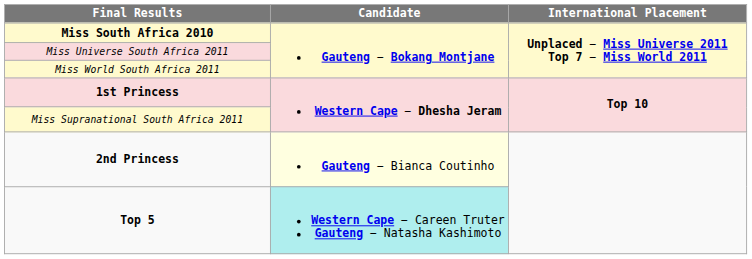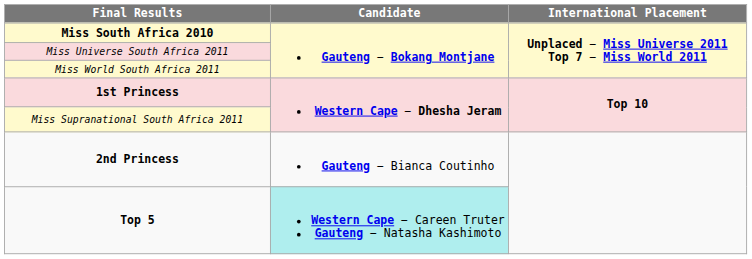 <table class="wikitable sortable" style="font-size:95%;">
 <tr>
 <th style="width:280px;background-color:#787878;color:#FFFFFF;">Final Results</th>
 <th style="width:250px;background-color:#787878;color:#FFFFFF;">Candidate</th>
 <th style="width:250px;background-color:#787878;color:#FFFFFF;">International Placement</th>
 </tr>
 <tr style="text-align:center; background:#FFFACD">
 <td style="text-align:center;"><strong>Miss South Africa 2010</strong></td>
 <td rowspan=3><br><ul><li><strong><a href='#'>Gauteng</a></strong> − <strong><a href='#'>Bokang Montjane</a></strong></li></ul></td>
 <td rowspan=3><strong>Unplaced</strong> − <strong><a href='#'>Miss Universe 2011</a></strong><br><strong>Top 7</strong> − <strong><a href='#'>Miss World 2011</a></strong></td>
 </tr>
 <tr style="text-align:center; background:#FADADD";>
 <td style="text-align:center; font-size:85%"><em>Miss Universe South Africa 2011</em></td>
 </tr>
 <tr style="text-align:center; background:#FFFACD";>
 <td style="text-align:center; font-size:85%"><em>Miss World South Africa 2011</em></td>
 </tr>
 <tr style="text-align:center; background:#FADADD">
 <td style="text-align:center;"><strong>1st Princess</strong></td>
 <td rowspan=2><br><ul><li><strong><a href='#'>Western Cape</a></strong> − <strong>Dhesha Jeram</strong></li></ul></td>
 <td rowspan=2><strong>Top 10</strong></td>
 </tr>
 <tr style="text-align:center; background:#FFFACD;">
 <td style="text-align:center; font-size:85%"><em>Miss Supranational South Africa 2011</em></td>
 </tr>
 <tr style="text-align:center;">
 <td><strong> 2nd Princess</strong></td>
-<td style="background: lightyellow;"><br><ul><li><strong><a href='#'>Gauteng</a></strong> − Bianca Coutinho</li></ul></td>
+<td><br><ul><li><strong><a href='#'>Gauteng</a></strong> − Bianca Coutinho</li></ul></td>
 </tr>
 <tr style="text-align:center">
 <td><strong>Top 5</strong></td>
 <td style="background: paleturquoise;"><br><ul><li><strong><a href='#'>Western Cape</a></strong> − Careen Truter</li><li><strong><a href='#'>Gauteng</a></strong> − Natasha Kashimoto</li></ul></td>
 </tr>
 </table>
